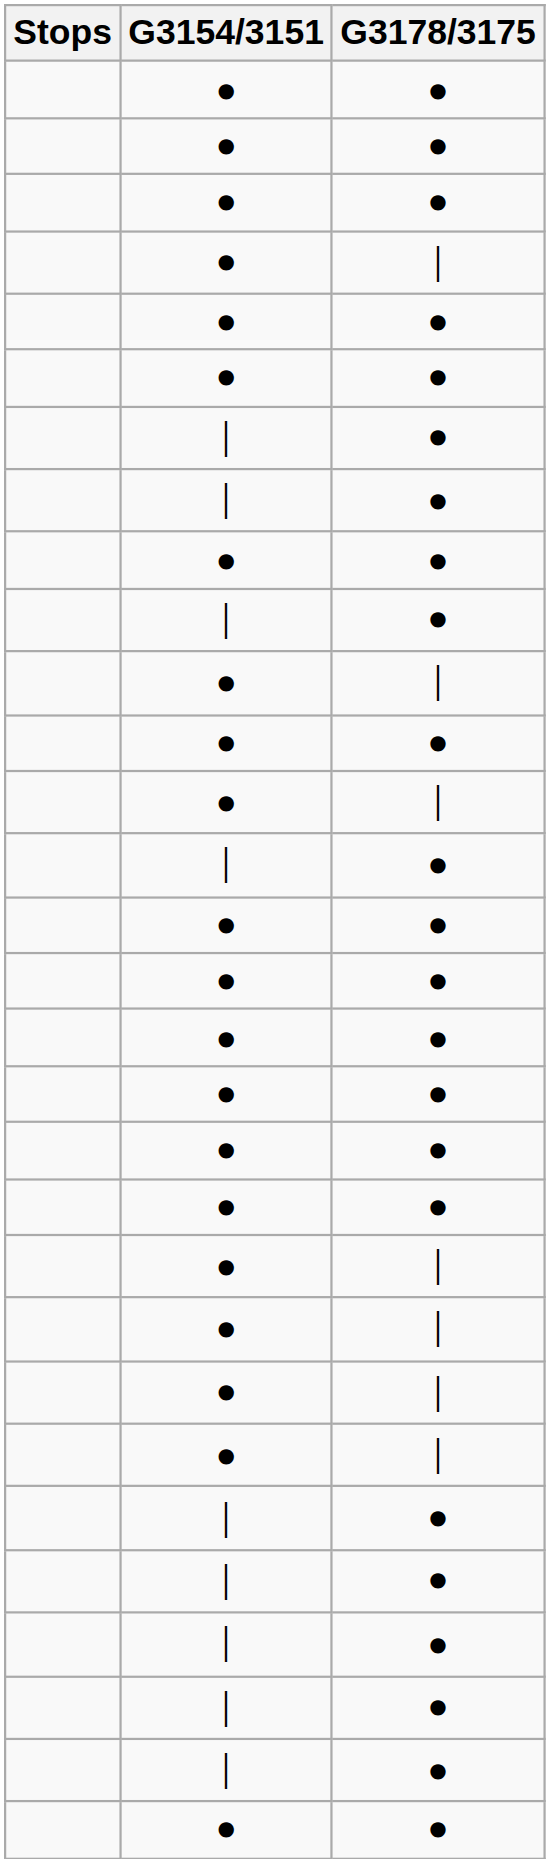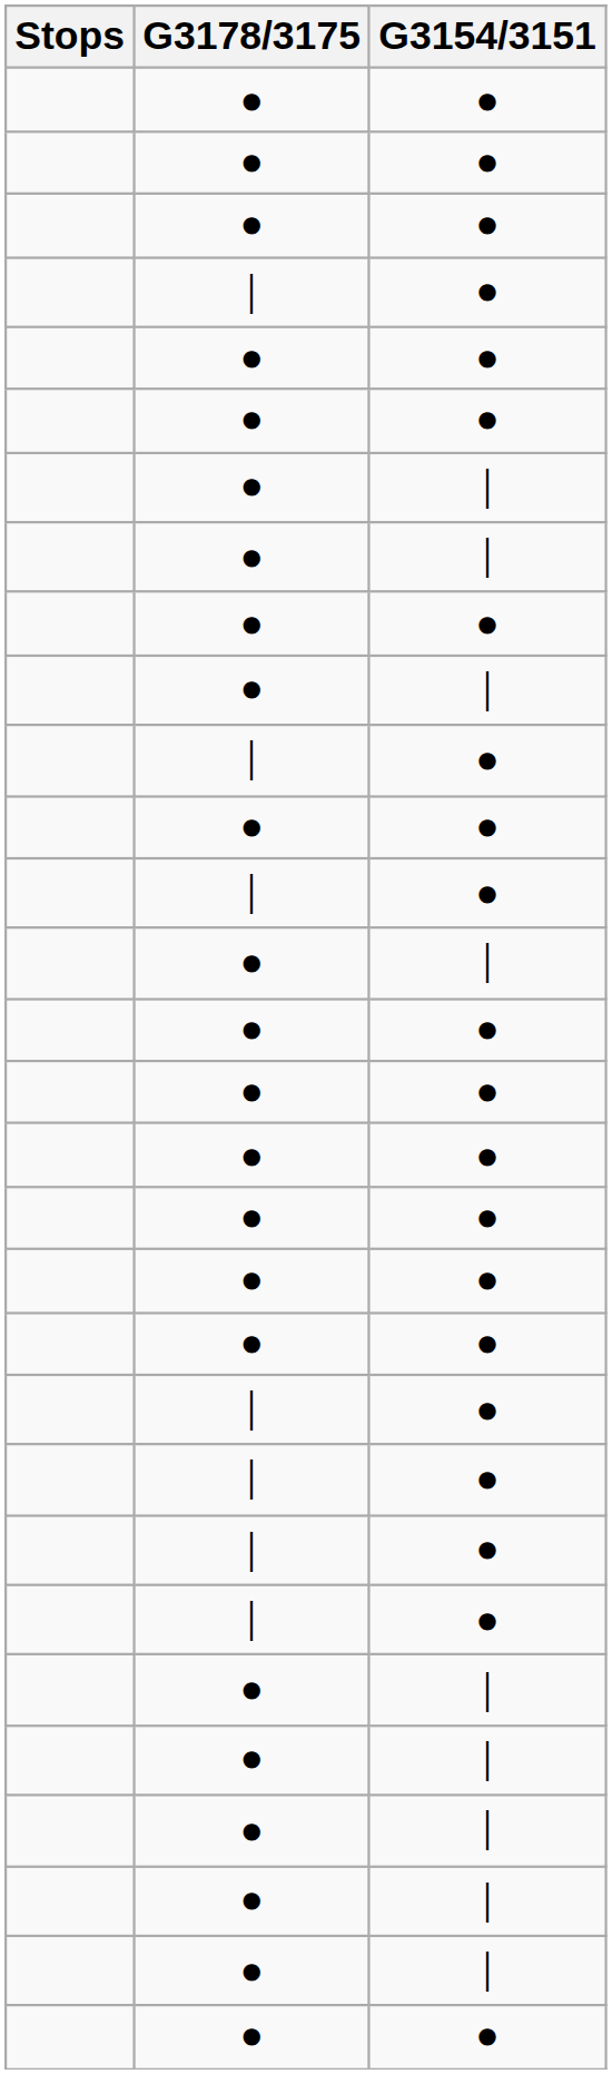 <table class="wikitable" style="text-align: center">
 <tr>
 <th>Stops</th>
+<th>G3178/3175</th>
 <th>G3154/3151</th>
-<th>G3178/3175</th>
 </tr>
 <tr>
 <td></td>
 <td>●</td>
+<td>●</td>
+</tr>
+<tr>
+<td></td>
+<td>●</td>
+<td>●</td>
+</tr>
+<tr>
+<td></td>
+<td>●</td>
+<td>●</td>
+</tr>
+<tr>
+<td></td>
+<td>｜</td>
 <td>●</td>
 </tr>
 <tr>
 <td></td>
 <td>●</td>
 <td>●</td>
 </tr>
 <tr>
 <td></td>
 <td>●</td>
 <td>●</td>
 </tr>
 <tr>
 <td></td>
 <td>●</td>
 <td>｜</td>
 </tr>
 <tr>
 <td></td>
 <td>●</td>
-<td>●</td>
+<td>｜</td>
 </tr>
 <tr>
 <td></td>
 <td>●</td>
 <td>●</td>
 </tr>
 <tr>
 <td></td>
+<td>●</td>
 <td>｜</td>
-<td>●</td>
 </tr>
 <tr>
 <td></td>
 <td>｜</td>
 <td>●</td>
 </tr>
 <tr>
 <td></td>
 <td>●</td>
 <td>●</td>
 </tr>
 <tr>
 <td></td>
 <td>｜</td>
 <td>●</td>
 </tr>
 <tr>
 <td></td>
 <td>●</td>
 <td>｜</td>
-</tr>
-<tr>
-<td></td>
-<td>●</td>
-<td>●</td>
-</tr>
-<tr>
-<td></td>
-<td>●</td>
-<td>｜</td>
-</tr>
-<tr>
-<td></td>
-<td>｜</td>
-<td>●</td>
 </tr>
 <tr>
 <td></td>
 <td>●</td>
 <td>●</td>
 </tr>
 <tr>
 <td></td>
 <td>●</td>
 <td>●</td>
 </tr>
 <tr>
 <td></td>
 <td>●</td>
 <td>●</td>
 </tr>
 <tr>
 <td></td>
 <td>●</td>
 <td>●</td>
 </tr>
 <tr>
 <td></td>
 <td>●</td>
 <td>●</td>
 </tr>
 <tr>
 <td></td>
 <td>●</td>
 <td>●</td>
 </tr>
 <tr>
 <td></td>
-<td>●</td>
-<td>｜</td>
-</tr>
-<tr>
-<td></td>
-<td>●</td>
-<td>｜</td>
-</tr>
-<tr>
-<td></td>
-<td>●</td>
-<td>｜</td>
-</tr>
-<tr>
-<td></td>
-<td>●</td>
-<td>｜</td>
-</tr>
-<tr>
-<td></td>
-<td>｜</td>
-<td>●</td>
-</tr>
-<tr>
-<td></td>
 <td>｜</td>
 <td>●</td>
 </tr>
 <tr>
 <td></td>
 <td>｜</td>
 <td>●</td>
 </tr>
 <tr>
 <td></td>
 <td>｜</td>
 <td>●</td>
 </tr>
 <tr>
 <td></td>
 <td>｜</td>
 <td>●</td>
 </tr>
 <tr>
 <td></td>
 <td>●</td>
+<td>｜</td>
+</tr>
+<tr>
+<td></td>
+<td>●</td>
+<td>｜</td>
+</tr>
+<tr>
+<td></td>
+<td>●</td>
+<td>｜</td>
+</tr>
+<tr>
+<td></td>
+<td>●</td>
+<td>｜</td>
+</tr>
+<tr>
+<td></td>
+<td>●</td>
+<td>｜</td>
+</tr>
+<tr>
+<td></td>
+<td>●</td>
 <td>●</td>
 </tr>
 </table>
